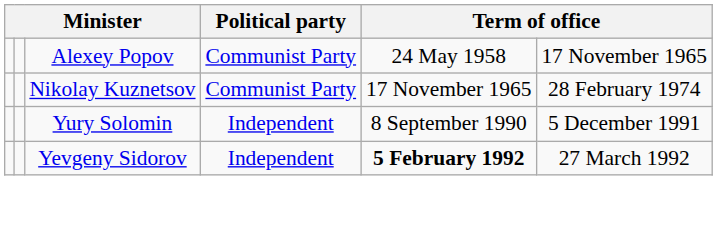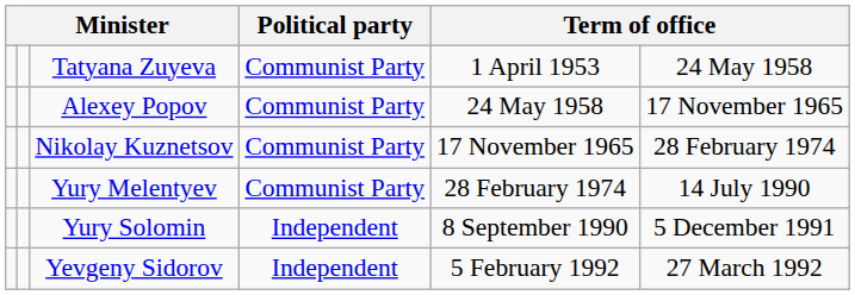 <table class="wikitable" style="text-align:center;">
 <tr>
 <th colspan=3>Minister</th>
 <th>Political party</th>
 <th colspan=2>Term of office</th>
+</tr>
+<tr>
+<td style="background: "></td>
+<td></td>
+<td><a href='#'>Tatyana Zuyeva</a></td>
+<td><a href='#'>Communist Party</a></td>
+<td>1 April 1953</td>
+<td>24 May 1958</td>
 </tr>
 <tr>
 <td style="background: "></td>
 <td></td>
 <td><a href='#'>Alexey Popov</a></td>
 <td><a href='#'>Communist Party</a></td>
 <td>24 May 1958</td>
 <td>17 November 1965</td>
 </tr>
 <tr>
 <td style="background: "></td>
 <td></td>
 <td><a href='#'>Nikolay Kuznetsov</a></td>
 <td><a href='#'>Communist Party</a></td>
 <td>17 November 1965</td>
 <td>28 February 1974</td>
 </tr>
 <tr>
 <td style="background: "></td>
 <td></td>
+<td><a href='#'>Yury Melentyev</a></td>
+<td><a href='#'>Communist Party</a></td>
+<td>28 February 1974</td>
+<td>14 July 1990</td>
+</tr>
+<tr>
+<td style="background: "></td>
+<td></td>
 <td><a href='#'>Yury Solomin</a></td>
 <td><a href='#'>Independent</a></td>
 <td>8 September 1990</td>
 <td>5 December 1991</td>
 </tr>
 <tr>
 <td style="background: "></td>
 <td></td>
 <td><a href='#'>Yevgeny Sidorov</a></td>
 <td><a href='#'>Independent</a></td>
-<td><strong>5 February 1992</strong></td>
+<td>5 February 1992</td>
 <td>27 March 1992</td>
 </tr>
 </table>
